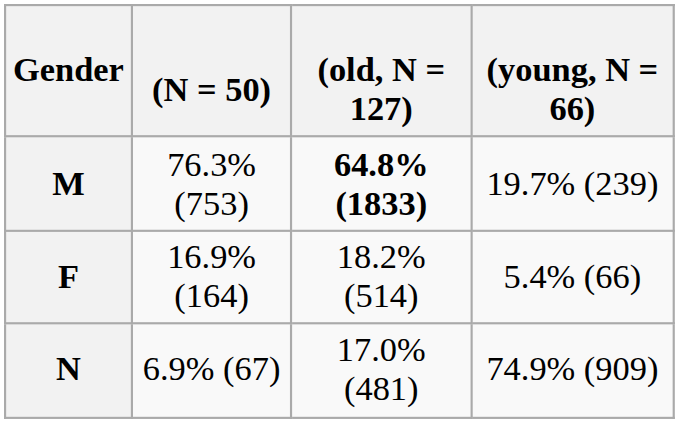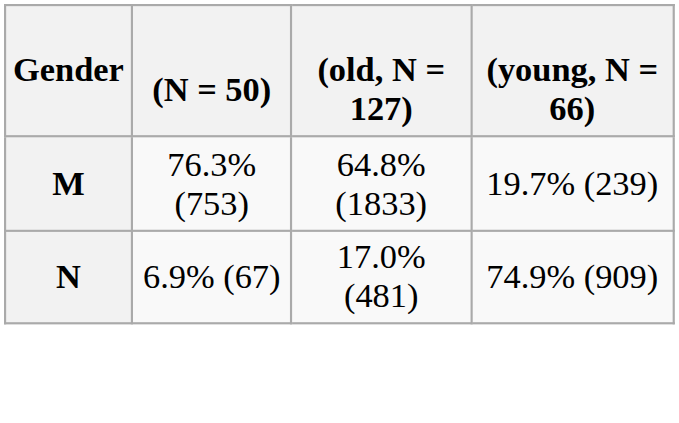 <table class="wikitable unsortable" style="text-align:center; width:50%">
 <tr>
 <th scope="col">Gender</th>
 <th scope="col"><br>(N = 50)</th>
 <th scope="col"><br>(old, N = 127)</th>
 <th scope="col'"><br>(young, N = 66)</th>
 </tr>
 <tr>
 <th scope="col">M</th>
 <td>76.3% (753)</td>
-<td><strong>64.8% (1833)</strong></td>
+<td>64.8% (1833)</td>
 <td>19.7% (239)</td>
-</tr>
-<tr>
-<th scope="col">F</th>
-<td>16.9% (164)</td>
-<td>18.2% (514)</td>
-<td>5.4% (66)</td>
 </tr>
 <tr>
 <th scope="col">N</th>
 <td>6.9% (67)</td>
 <td>17.0% (481)</td>
 <td>74.9% (909)</td>
 </tr>
 </table>
